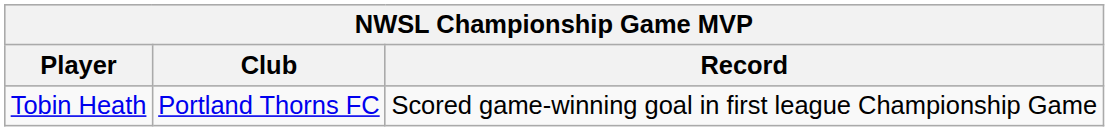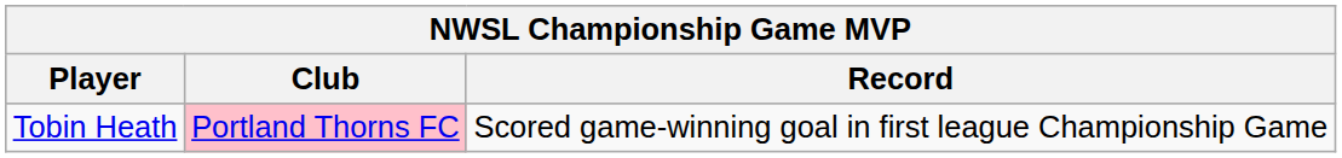 <table class="wikitable">
 <tr>
 <th colspan=3>NWSL Championship Game MVP </th>
 </tr>
 <tr>
 <th>Player</th>
 <th>Club</th>
 <th>Record</th>
 </tr>
 <tr>
 <td> <a href='#'>Tobin Heath</a></td>
-<td><a href='#'>Portland Thorns FC</a></td>
+<td style="background: pink;"><a href='#'>Portland Thorns FC</a></td>
 <td>Scored game-winning goal in first league Championship Game</td>
 </tr>
 </table>
